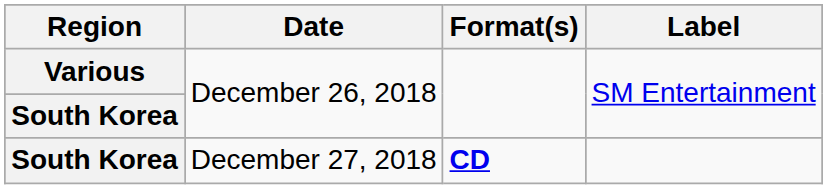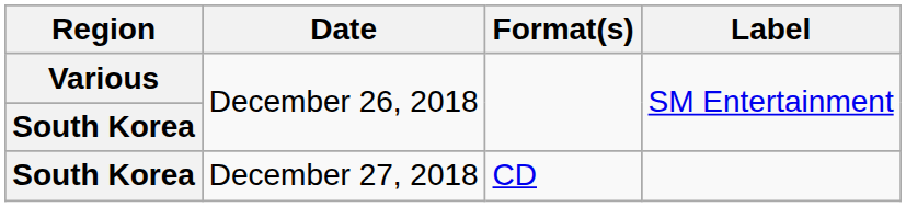 <table class="wikitable plainrowheaders">
 <tr>
 <th scope="col">Region</th>
 <th scope="col">Date</th>
 <th scope="col">Format(s)</th>
 <th scope="col">Label</th>
 </tr>
 <tr>
 <th scope="row">Various</th>
 <td rowspan="2">December 26, 2018</td>
 <td rowspan="2"></td>
 <td rowspan="2"><a href='#'>SM Entertainment</a></td>
 </tr>
 <tr>
 <th scope="row">South Korea</th>
 </tr>
 <tr>
 <th scope="row">South Korea</th>
 <td>December 27, 2018</td>
-<td><strong><a href='#'>CD</a></strong></td>
+<td><a href='#'>CD</a></td>
 <td></td>
 </tr>
 </table>
